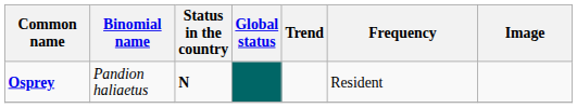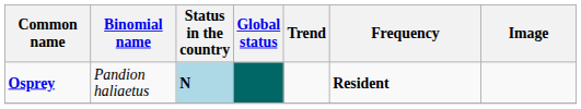 <table class="wikitable sortable">
 <tr>
 <th width="15%">Common name</th>
 <th width="15%"><a href='#'>Binomial name</a></th>
 <th data-sort-type="number" width="1%">Status in the country</th>
 <th width="5%"><a href='#'>Global status</a></th>
 <th width="1%">Trend</th>
 <th class="unsortable">Frequency</th>
 <th class="unsortable">Image</th>
 </tr>
 <tr>
 <td><strong><a href='#'>Osprey</a></strong></td>
 <td><em>Pandion haliaetus</em></td>
-<td><strong>N</strong></td>
+<td style="background: lightblue;"><strong>N</strong></td>
 <td align=center style="background: #006666"></td>
 <td align=center></td>
-<td>Resident</td>
+<td><strong>Resident</strong></td>
 <td></td>
 </tr>
 <tr>
 </tr>
 </table>
